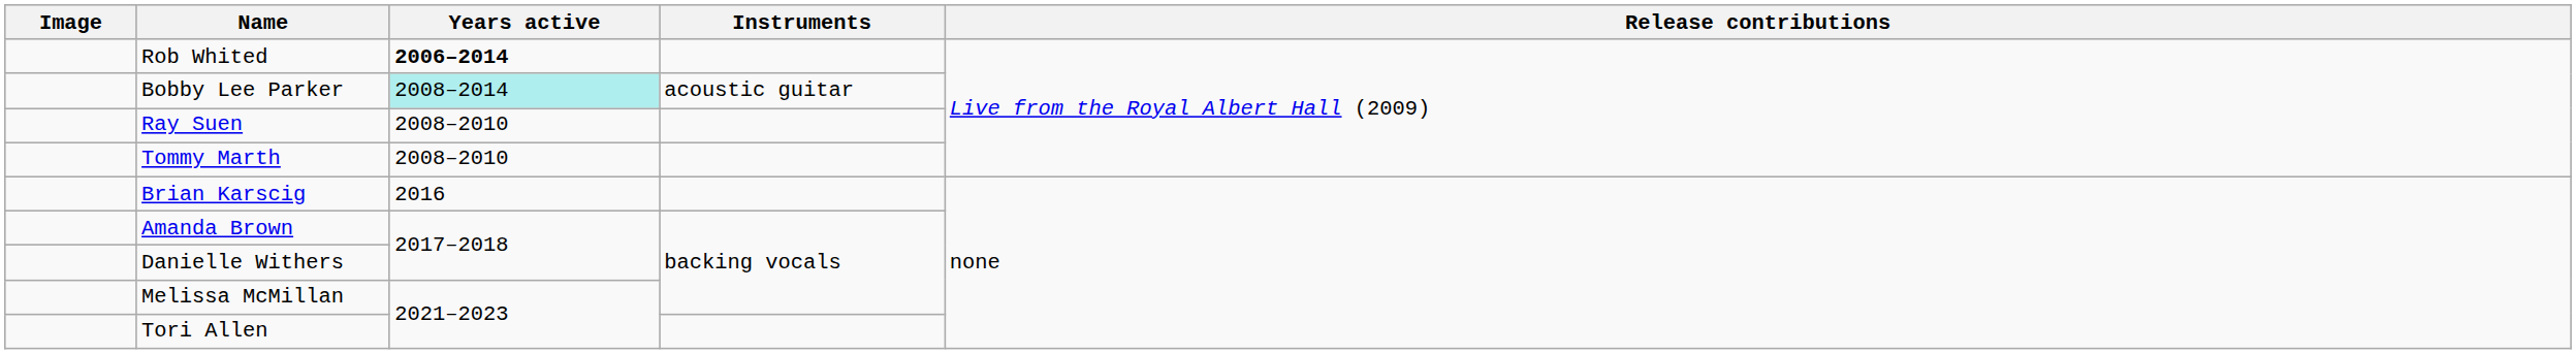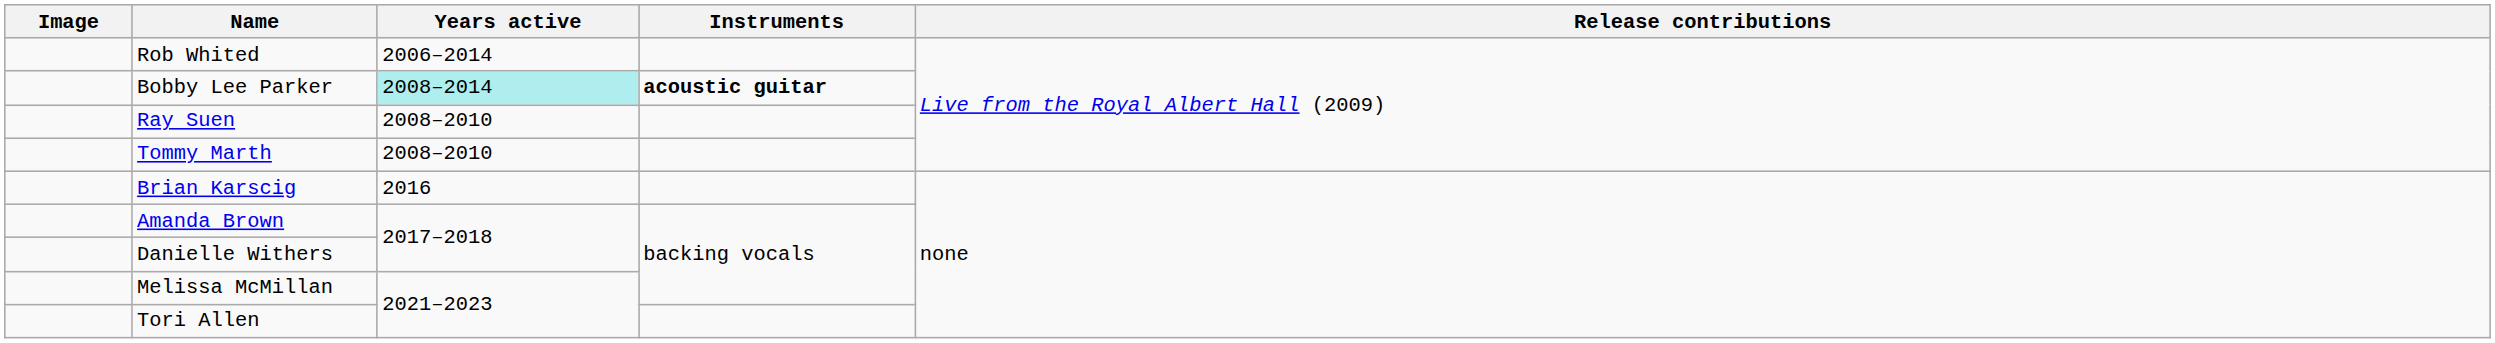 <table class="wikitable" width="100%" border="1">
 <tr>
 <th width="75">Image</th>
 <th width="150">Name</th>
 <th width="160">Years active</th>
 <th width="170">Instruments</th>
 <th>Release contributions</th>
 </tr>
 <tr>
 <td></td>
 <td>Rob Whited</td>
-<td><strong>2006–2014</strong></td>
+<td>2006–2014</td>
 <td></td>
 <td rowspan="4"><em><a href='#'>Live from the Royal Albert Hall</a></em> (2009)</td>
 </tr>
 <tr>
 <td></td>
 <td>Bobby Lee Parker</td>
 <td style="background: paleturquoise;">2008–2014</td>
-<td>acoustic guitar</td>
+<td><strong>acoustic guitar</strong></td>
 </tr>
 <tr>
 <td></td>
 <td><a href='#'>Ray Suen</a></td>
 <td>2008–2010</td>
 <td></td>
 </tr>
 <tr>
 <td></td>
 <td><a href='#'>Tommy Marth</a></td>
 <td>2008–2010 </td>
 <td></td>
 </tr>
 <tr>
 <td></td>
 <td><a href='#'>Brian Karscig</a></td>
 <td>2016</td>
 <td></td>
 <td rowspan="5">none</td>
 </tr>
 <tr>
 <td></td>
 <td><a href='#'>Amanda Brown</a></td>
 <td rowspan="2">2017–2018</td>
 <td rowspan="3">backing vocals</td>
 </tr>
 <tr>
 <td></td>
 <td>Danielle Withers</td>
 </tr>
 <tr>
 <td></td>
 <td>Melissa McMillan</td>
 <td rowspan="2">2021–2023</td>
 </tr>
 <tr>
 <td></td>
 <td>Tori Allen</td>
 <td></td>
 </tr>
 </table>
